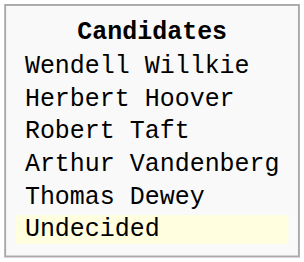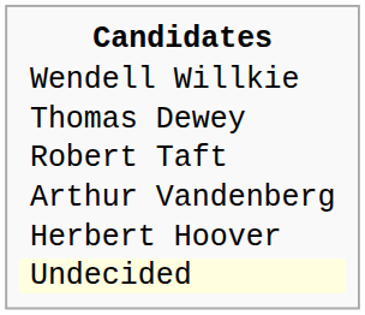 <table style="float; margin-left: 1em; margin-bottom: 0.5em" class="infobox">
 <tr>
 <td style="text-align: center"><span><strong>Candidates</strong></span></td>
 </tr>
 <tr>
 <td style="padding: 0 5px;"> Wendell Willkie</td>
 </tr>
 <tr>
-<td style="padding: 0 5px;"> Herbert Hoover</td>
+<td style="padding: 0 5px;"> Thomas Dewey</td>
 </tr>
 <tr>
 <td style="padding: 0 5px;"> Robert Taft</td>
 </tr>
 <tr>
 <td style="padding: 0 5px;"> Arthur Vandenberg</td>
 </tr>
 <tr>
-<td style="padding: 0 5px;"> Thomas Dewey</td>
+<td style="padding: 0 5px;"> Herbert Hoover</td>
 </tr>
 <tr>
 <td style="background: lightyellow; padding: 0 5px;"> Undecided</td>
 </tr>
 <tr>
 </tr>
 </table>
